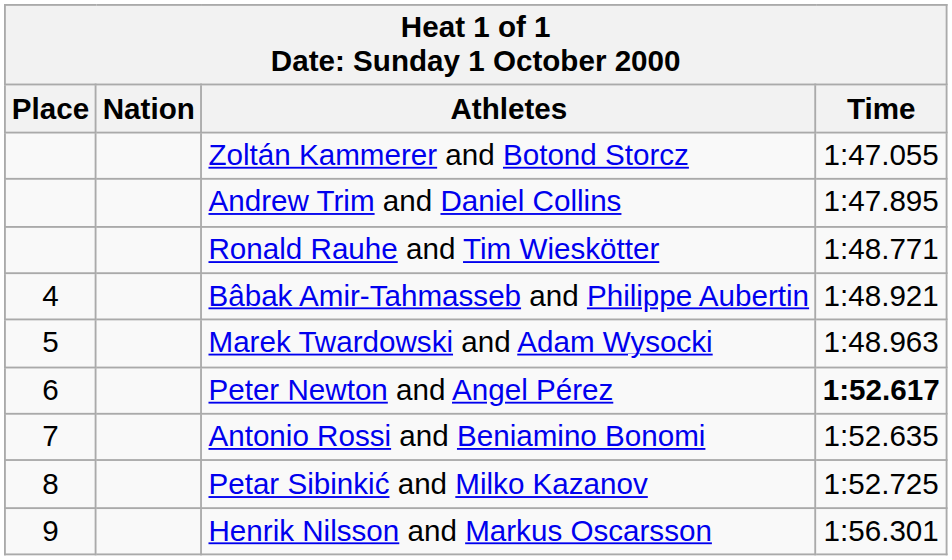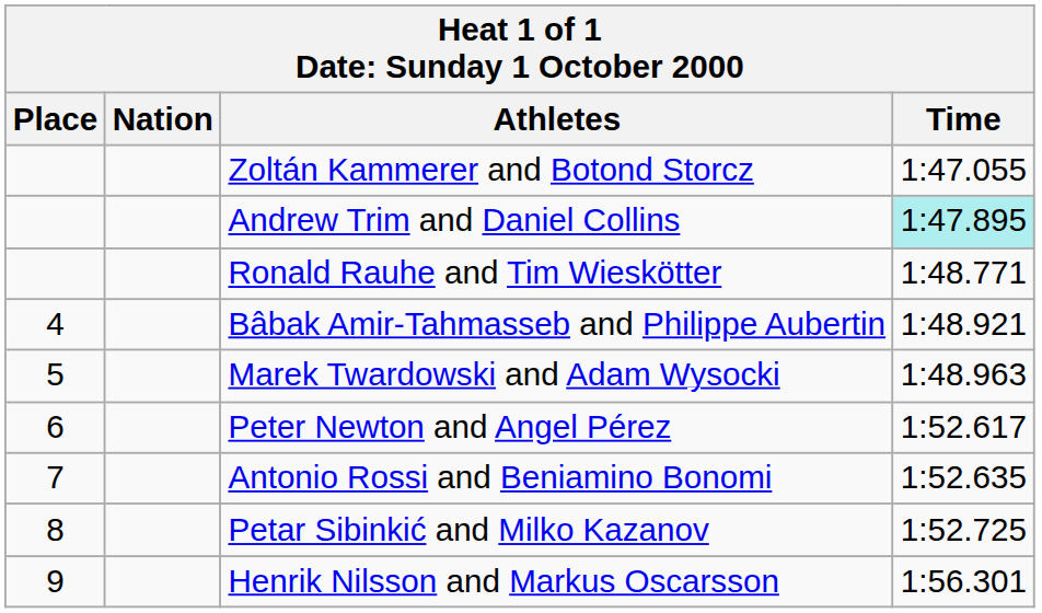 <table class="wikitable sortable">
 <tr>
 <th colspan=5>Heat 1 of 1 <br> Date: Sunday 1 October 2000</th>
 </tr>
 <tr>
 <th rowspan=1>Place</th>
 <th rowspan=1>Nation</th>
 <th rowspan=1>Athletes</th>
 <th rowspan=1>Time</th>
 </tr>
 <tr>
 <td align="center"></td>
 <td align="left"></td>
 <td align="left"><a href='#'>Zoltán Kammerer</a> and <a href='#'>Botond Storcz</a></td>
 <td align="center">1:47.055</td>
 </tr>
 <tr>
 <td align="center"></td>
 <td align="left"></td>
 <td align="left"><a href='#'>Andrew Trim</a> and <a href='#'>Daniel Collins</a></td>
-<td align="center">1:47.895</td>
+<td align="center" style="background: paleturquoise;">1:47.895</td>
 </tr>
 <tr>
 <td align="center"></td>
 <td align="left"></td>
 <td align="left"><a href='#'>Ronald Rauhe</a> and <a href='#'>Tim Wieskötter</a></td>
 <td align="center">1:48.771</td>
 </tr>
 <tr>
 <td align="center">4</td>
 <td align="left"></td>
 <td align="left"><a href='#'>Bâbak Amir-Tahmasseb</a> and <a href='#'>Philippe Aubertin</a></td>
 <td align="center">1:48.921</td>
 </tr>
 <tr>
 <td align="center">5</td>
 <td align="left"></td>
 <td align="left"><a href='#'>Marek Twardowski</a> and <a href='#'>Adam Wysocki</a></td>
 <td align="center">1:48.963</td>
 </tr>
 <tr>
 <td align="center">6</td>
 <td align="left"></td>
 <td align="left"><a href='#'>Peter Newton</a> and <a href='#'>Angel Pérez</a></td>
-<td align="center"><strong>1:52.617</strong></td>
+<td align="center">1:52.617</td>
 </tr>
 <tr>
 <td align="center">7</td>
 <td align="left"></td>
 <td align="left"><a href='#'>Antonio Rossi</a> and <a href='#'>Beniamino Bonomi</a></td>
 <td align="center">1:52.635</td>
 </tr>
 <tr>
 <td align="center">8</td>
 <td align="left"></td>
 <td align="left"><a href='#'>Petar Sibinkić</a> and <a href='#'>Milko Kazanov</a></td>
 <td align="center">1:52.725</td>
 </tr>
 <tr>
 <td align="center">9</td>
 <td align="left"></td>
 <td align="left"><a href='#'>Henrik Nilsson</a> and <a href='#'>Markus Oscarsson</a></td>
 <td align="center">1:56.301</td>
 </tr>
 </table>
